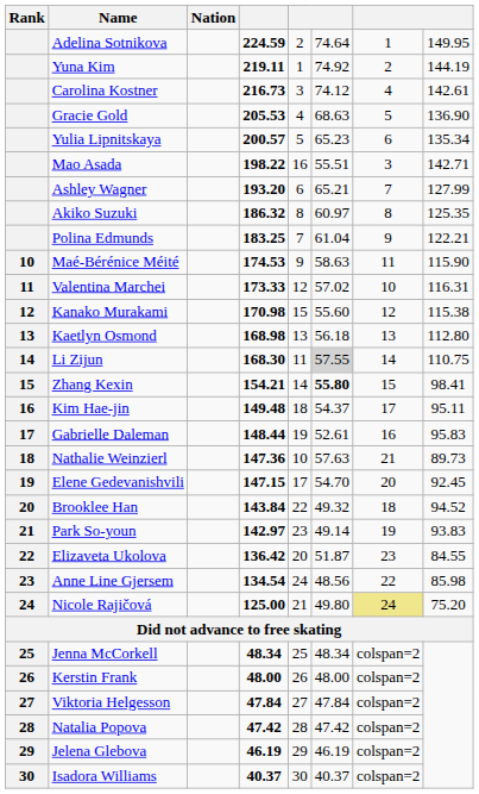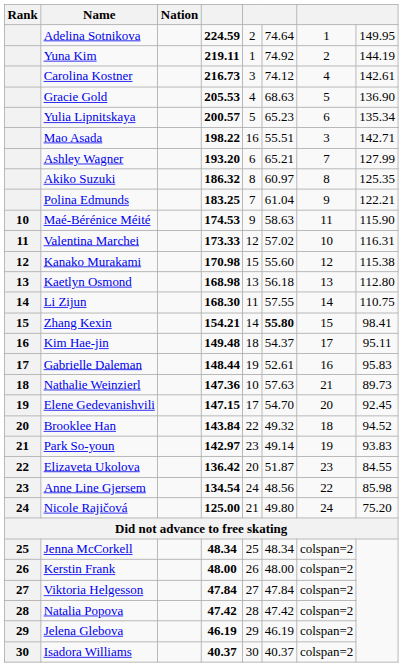 <table class="wikitable sortable" style="text-align:center">
 <tr>
 <th>Rank</th>
 <th>Name</th>
 <th>Nation</th>
 <th></th>
 <th colspan=2></th>
 <th colspan=2></th>
 </tr>
 <tr>
 <th></th>
 <td align=left><a href='#'>Adelina Sotnikova</a></td>
 <td align=left></td>
 <td><strong>224.59</strong></td>
 <td>2</td>
 <td>74.64</td>
 <td>1</td>
 <td>149.95</td>
 </tr>
 <tr>
 <th></th>
 <td align=left><a href='#'>Yuna Kim</a></td>
 <td align=left></td>
 <td><strong>219.11</strong></td>
 <td>1</td>
 <td>74.92</td>
 <td>2</td>
 <td>144.19</td>
 </tr>
 <tr>
 <th></th>
 <td align=left><a href='#'>Carolina Kostner</a></td>
 <td align=left></td>
 <td><strong>216.73</strong></td>
 <td>3</td>
 <td>74.12</td>
 <td>4</td>
 <td>142.61</td>
 </tr>
 <tr>
 <th></th>
 <td align=left><a href='#'>Gracie Gold</a></td>
 <td align=left></td>
 <td><strong>205.53</strong></td>
 <td>4</td>
 <td>68.63</td>
 <td>5</td>
 <td>136.90</td>
 </tr>
 <tr>
 <th></th>
 <td align=left><a href='#'>Yulia Lipnitskaya</a></td>
 <td align=left></td>
 <td><strong>200.57</strong></td>
 <td>5</td>
 <td>65.23</td>
 <td>6</td>
 <td>135.34</td>
 </tr>
 <tr>
 <th></th>
 <td align=left><a href='#'>Mao Asada</a></td>
 <td align=left></td>
 <td><strong>198.22</strong></td>
 <td>16</td>
 <td>55.51</td>
 <td>3</td>
 <td>142.71</td>
 </tr>
 <tr>
 <th></th>
 <td align=left><a href='#'>Ashley Wagner</a></td>
 <td align=left></td>
 <td><strong>193.20</strong></td>
 <td>6</td>
 <td>65.21</td>
 <td>7</td>
 <td>127.99</td>
 </tr>
 <tr>
 <th></th>
 <td align=left><a href='#'>Akiko Suzuki</a></td>
 <td align=left></td>
 <td><strong>186.32</strong></td>
 <td>8</td>
 <td>60.97</td>
 <td>8</td>
 <td>125.35</td>
 </tr>
 <tr>
 <th></th>
 <td align=left><a href='#'>Polina Edmunds</a></td>
 <td align=left></td>
 <td><strong>183.25</strong></td>
 <td>7</td>
 <td>61.04</td>
 <td>9</td>
 <td>122.21</td>
 </tr>
 <tr>
 <th>10</th>
 <td align=left><a href='#'>Maé-Bérénice Méité</a></td>
 <td align=left></td>
 <td><strong>174.53</strong></td>
 <td>9</td>
 <td>58.63</td>
 <td>11</td>
 <td>115.90</td>
 </tr>
 <tr>
 <th>11</th>
 <td align=left><a href='#'>Valentina Marchei</a></td>
 <td align=left></td>
 <td><strong>173.33</strong></td>
 <td>12</td>
 <td>57.02</td>
 <td>10</td>
 <td>116.31</td>
 </tr>
 <tr>
 <th>12</th>
 <td align=left><a href='#'>Kanako Murakami</a></td>
 <td align=left></td>
 <td><strong>170.98</strong></td>
 <td>15</td>
 <td>55.60</td>
 <td>12</td>
 <td>115.38</td>
 </tr>
 <tr>
 <th>13</th>
 <td align=left><a href='#'>Kaetlyn Osmond</a></td>
 <td align=left></td>
 <td><strong>168.98</strong></td>
 <td>13</td>
 <td>56.18</td>
 <td>13</td>
 <td>112.80</td>
 </tr>
 <tr>
 <th>14</th>
 <td align=left><a href='#'>Li Zijun</a></td>
 <td align=left></td>
 <td><strong>168.30</strong></td>
 <td>11</td>
-<td style="background: lightgrey;">57.55</td>
+<td>57.55</td>
 <td>14</td>
 <td>110.75</td>
 </tr>
 <tr>
 <th>15</th>
 <td align=left><a href='#'>Zhang Kexin</a></td>
 <td align=left></td>
 <td><strong>154.21</strong></td>
 <td>14</td>
 <td><strong>55.80</strong></td>
 <td>15</td>
 <td>98.41</td>
 </tr>
 <tr>
 <th>16</th>
 <td align=left><a href='#'>Kim Hae-jin</a></td>
 <td align=left></td>
 <td><strong>149.48</strong></td>
 <td>18</td>
 <td>54.37</td>
 <td>17</td>
 <td>95.11</td>
 </tr>
 <tr>
 <th>17</th>
 <td align=left><a href='#'>Gabrielle Daleman</a></td>
 <td align=left></td>
 <td><strong>148.44</strong></td>
 <td>19</td>
 <td>52.61</td>
 <td>16</td>
 <td>95.83</td>
 </tr>
 <tr>
 <th>18</th>
 <td align=left><a href='#'>Nathalie Weinzierl</a></td>
 <td align=left></td>
 <td><strong>147.36</strong></td>
 <td>10</td>
 <td>57.63</td>
 <td>21</td>
 <td>89.73</td>
 </tr>
 <tr>
 <th>19</th>
 <td align=left><a href='#'>Elene Gedevanishvili</a></td>
 <td align=left></td>
 <td><strong>147.15</strong></td>
 <td>17</td>
 <td>54.70</td>
 <td>20</td>
 <td>92.45</td>
 </tr>
 <tr>
 <th>20</th>
 <td align=left><a href='#'>Brooklee Han</a></td>
 <td align=left></td>
 <td><strong>143.84</strong></td>
 <td>22</td>
 <td>49.32</td>
 <td>18</td>
 <td>94.52</td>
 </tr>
 <tr>
 <th>21</th>
 <td align=left><a href='#'>Park So-youn</a></td>
 <td align=left></td>
 <td><strong>142.97</strong></td>
 <td>23</td>
 <td>49.14</td>
 <td>19</td>
 <td>93.83</td>
 </tr>
 <tr>
 <th>22</th>
 <td align=left><a href='#'>Elizaveta Ukolova</a></td>
 <td align=left></td>
 <td><strong>136.42</strong></td>
 <td>20</td>
 <td>51.87</td>
 <td>23</td>
 <td>84.55</td>
 </tr>
 <tr>
 <th>23</th>
 <td align=left><a href='#'>Anne Line Gjersem</a></td>
 <td align=left></td>
 <td><strong>134.54</strong></td>
 <td>24</td>
 <td>48.56</td>
 <td>22</td>
 <td>85.98</td>
 </tr>
 <tr>
 <th>24</th>
 <td align=left><a href='#'>Nicole Rajičová</a></td>
 <td align=left></td>
 <td><strong>125.00</strong></td>
 <td>21</td>
 <td>49.80</td>
-<td style="background: khaki;">24</td>
+<td>24</td>
 <td>75.20</td>
 </tr>
 <tr>
 <th colspan=8>Did not advance to free skating</th>
 </tr>
 <tr>
 <th>25</th>
 <td align=left><a href='#'>Jenna McCorkell</a></td>
 <td align=left></td>
 <td><strong>48.34</strong></td>
 <td>25</td>
 <td>48.34</td>
 <td>colspan=2 </td>
 </tr>
 <tr>
 <th>26</th>
 <td align=left><a href='#'>Kerstin Frank</a></td>
 <td align=left></td>
 <td><strong>48.00</strong></td>
 <td>26</td>
 <td>48.00</td>
 <td>colspan=2 </td>
 </tr>
 <tr>
 <th>27</th>
 <td align=left><a href='#'>Viktoria Helgesson</a></td>
 <td align=left></td>
 <td><strong>47.84</strong></td>
 <td>27</td>
 <td>47.84</td>
 <td>colspan=2 </td>
 </tr>
 <tr>
 <th>28</th>
 <td align=left><a href='#'>Natalia Popova</a></td>
 <td align=left></td>
 <td><strong>47.42</strong></td>
 <td>28</td>
 <td>47.42</td>
 <td>colspan=2 </td>
 </tr>
 <tr>
 <th>29</th>
 <td align=left><a href='#'>Jelena Glebova</a></td>
 <td align=left></td>
 <td><strong>46.19</strong></td>
 <td>29</td>
 <td>46.19</td>
 <td>colspan=2 </td>
 </tr>
 <tr>
 <th>30</th>
 <td align=left><a href='#'>Isadora Williams</a></td>
 <td align=left></td>
 <td><strong>40.37</strong></td>
 <td>30</td>
 <td>40.37</td>
 <td>colspan=2 </td>
 </tr>
 </table>
